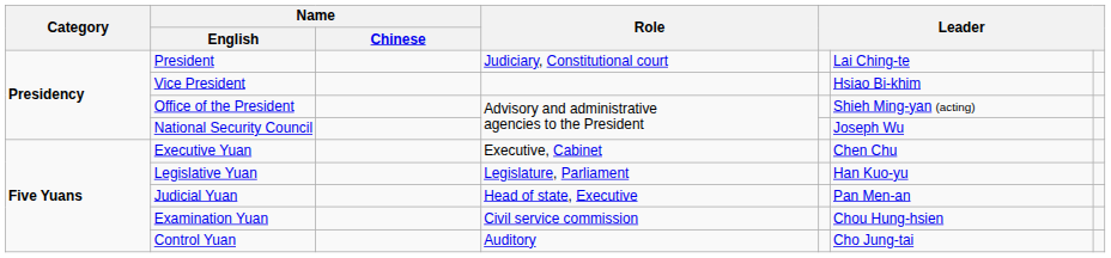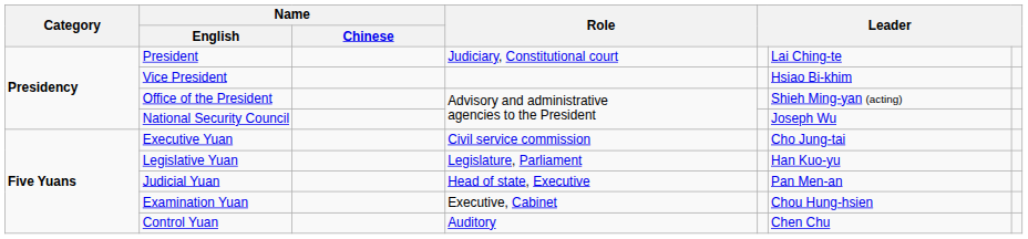 <table class=wikitable>
 <tr>
 <th rowspan="2">Category</th>
 <th colspan="2">Name</th>
 <th rowspan="2">Role</th>
 <th colspan="3" rowspan="2">Leader</th>
 </tr>
 <tr>
 <th width=15%>English</th>
 <th width=15%><a href='#'>Chinese</a></th>
 </tr>
 <tr>
 <td rowspan=4><strong>Presidency</strong></td>
 <td><a href='#'>President</a></td>
 <td align=center></td>
 <td><a href='#'>Judiciary</a>, <a href='#'>Constitutional court</a></td>
 <td style="background:"></td>
 <td><a href='#'>Lai Ching‑te</a></td>
 <td></td>
 </tr>
 <tr>
 <td><a href='#'>Vice President</a></td>
 <td align=center></td>
 <td></td>
 <td style="background:"></td>
 <td><a href='#'>Hsiao Bi-khim</a></td>
 <td></td>
 </tr>
 <tr>
 <td><a href='#'>Office of the President</a></td>
 <td align=center></td>
 <td rowspan="2">Advisory and administrative<br>agencies to the President</td>
 <td style="background:"></td>
 <td><a href='#'>Shieh Ming-yan</a>  <small>(acting)</small></td>
 <td></td>
 </tr>
 <tr>
 <td><a href='#'>National Security Council</a></td>
 <td align=center></td>
 <td style="background:"></td>
 <td><a href='#'>Joseph Wu</a></td>
 <td></td>
 </tr>
 <tr>
 <td rowspan=5><strong>Five Yuans</strong></td>
 <td><a href='#'>Executive Yuan</a></td>
 <td align=center></td>
-<td>Executive, <a href='#'>Cabinet</a></td>
+<td><a href='#'>Civil service commission</a></td>
 <td style="background:"></td>
-<td><a href='#'>Chen Chu</a></td>
+<td><a href='#'>Cho Jung-tai</a></td>
 <td></td>
 </tr>
 <tr>
 <td><a href='#'>Legislative Yuan</a></td>
 <td align=center></td>
 <td><a href='#'>Legislature</a>, <a href='#'>Parliament</a></td>
 <td style="background:"></td>
 <td><a href='#'>Han Kuo-yu</a></td>
 <td></td>
 </tr>
 <tr>
 <td><a href='#'>Judicial Yuan</a></td>
 <td align=center></td>
 <td><a href='#'>Head of state</a>, <a href='#'>Executive</a></td>
 <td style="background:"></td>
 <td><a href='#'>Pan Men-an</a></td>
 <td></td>
 </tr>
 <tr>
 <td><a href='#'>Examination Yuan</a></td>
 <td align=center></td>
-<td><a href='#'>Civil service commission</a></td>
+<td>Executive, <a href='#'>Cabinet</a></td>
 <td style="background:"></td>
 <td><a href='#'>Chou Hung-hsien</a></td>
 <td></td>
 </tr>
 <tr>
 <td><a href='#'>Control Yuan</a></td>
 <td align=center></td>
 <td><a href='#'>Auditory</a></td>
 <td style="background:"></td>
-<td><a href='#'>Cho Jung-tai</a></td>
+<td><a href='#'>Chen Chu</a></td>
 <td></td>
 </tr>
 </table>
